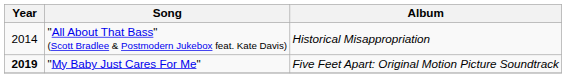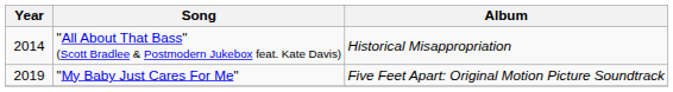 <table class="wikitable sortable" style=text-align:center;>
 <tr>
 <th style="width:3em">Year</th>
 <th>Song</th>
 <th>Album</th>
 </tr>
 <tr>
 <td>2014</td>
 <td align="left">"<a href='#'>All About That Bass</a>" <br><small>(<a href='#'>Scott Bradlee</a> & <a href='#'>Postmodern Jukebox</a> feat. Kate Davis)</small></td>
 <td style="text-align:left;"><em>Historical Misappropriation</em></td>
 </tr>
 <tr>
-<td><strong>2019</strong></td>
+<td>2019</td>
 <td align="left">"<a href='#'>My Baby Just Cares For Me</a>"</td>
 <td style="text-align:left;"><em>Five Feet Apart: Original Motion Picture Soundtrack</em></td>
 </tr>
 <tr>
 </tr>
 </table>
